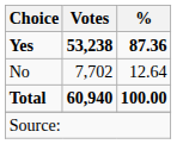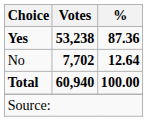 <table class=wikitable style=text-align:right>
 <tr>
 <th>Choice</th>
 <th>Votes</th>
 <th>%</th>
 </tr>
 <tr>
 <td align=left> <strong>Yes</strong></td>
 <td><strong>53,238</strong></td>
 <td><strong>87.36</strong></td>
 </tr>
 <tr>
 <td align=left> No</td>
-<td>7,702</td>
-<td>12.64</td>
+<td><strong>7,702</strong></td>
+<td><strong>12.64</strong></td>
 </tr>
 <tr>
 <td align=left><strong>Total</strong></td>
 <td><strong>60,940</strong></td>
 <td><strong>100.00</strong></td>
 </tr>
 <tr>
 </tr>
 <tr>
 <td align=left colspan=5>Source: </td>
 </tr>
 </table>
